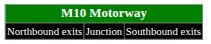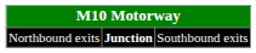 <table border=1 cellpadding=2 style="margin-left:1em; margin-bottom: 1em; color: black; border-collapse: collapse; font-size: 95%;">
 <tr align="center" bgcolor="008000" style="color: white;font-size:120%;">
 <td colspan="3"><strong>M10 Motorway</strong></td>
 </tr>
 <tr align="center" bgcolor="000000" style="color: white">
 <td>Northbound exits</td>
-<td>Junction</td>
+<td><strong>Junction</strong></td>
 <td>Southbound exits</td>
 </tr>
 </table>
